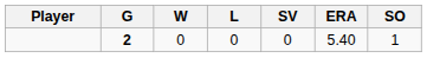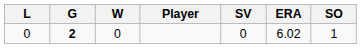 <table class="wikitable sortable">
 <tr>
-<th bgcolor="#DDDDFF" width="16%">Player</th>
+<th bgcolor="#DDDDFF" width="9%">L</th>
 <th bgcolor="#DDDDFF" width="9%">G</th>
 <th bgcolor="#DDDDFF" width="9%">W</th>
-<th bgcolor="#DDDDFF" width="9%">L</th>
+<th bgcolor="#DDDDFF" width="16%">Player</th>
 <th bgcolor="#DDDDFF" width="9%">SV</th>
 <th bgcolor="#DDDDFF" width="9%">ERA</th>
 <th bgcolor="#DDDDFF" width="9%">SO</th>
 </tr>
 <tr align="center">
-<td></td>
+<td>0</td>
 <td><strong>2</strong></td>
 <td>0</td>
+<td></td>
 <td>0</td>
-<td>0</td>
-<td>5.40</td>
+<td>6.02</td>
 <td>1</td>
 </tr>
 </table>
